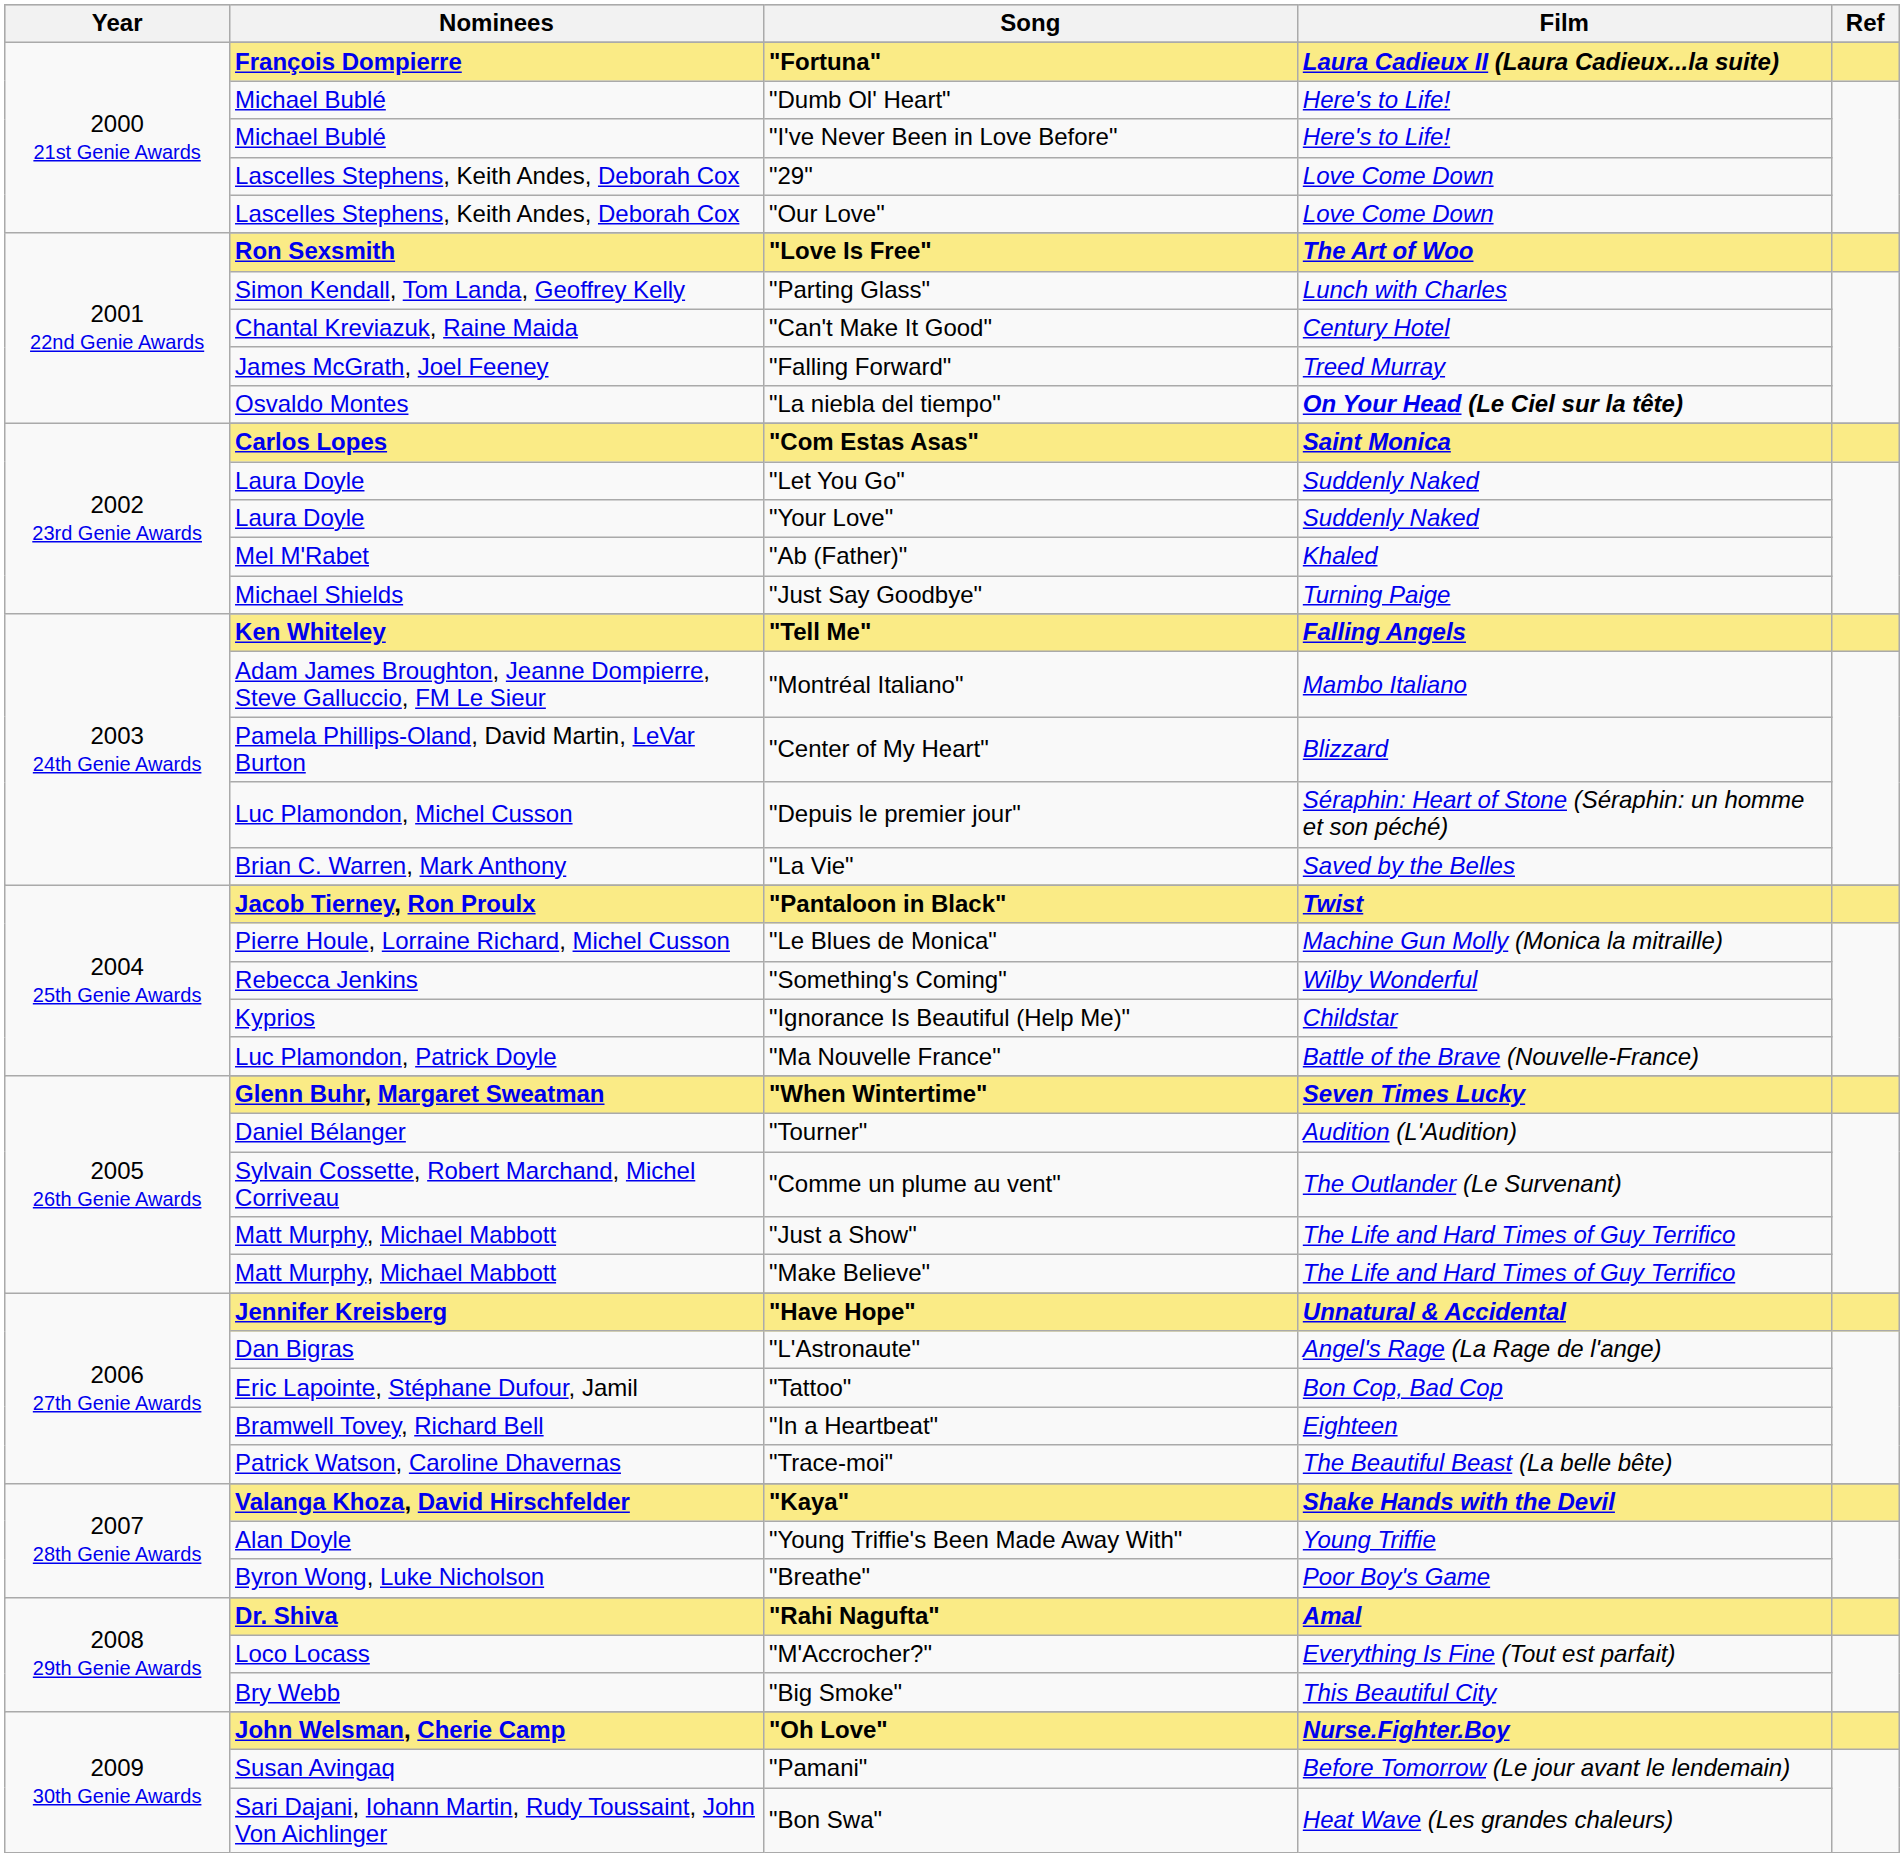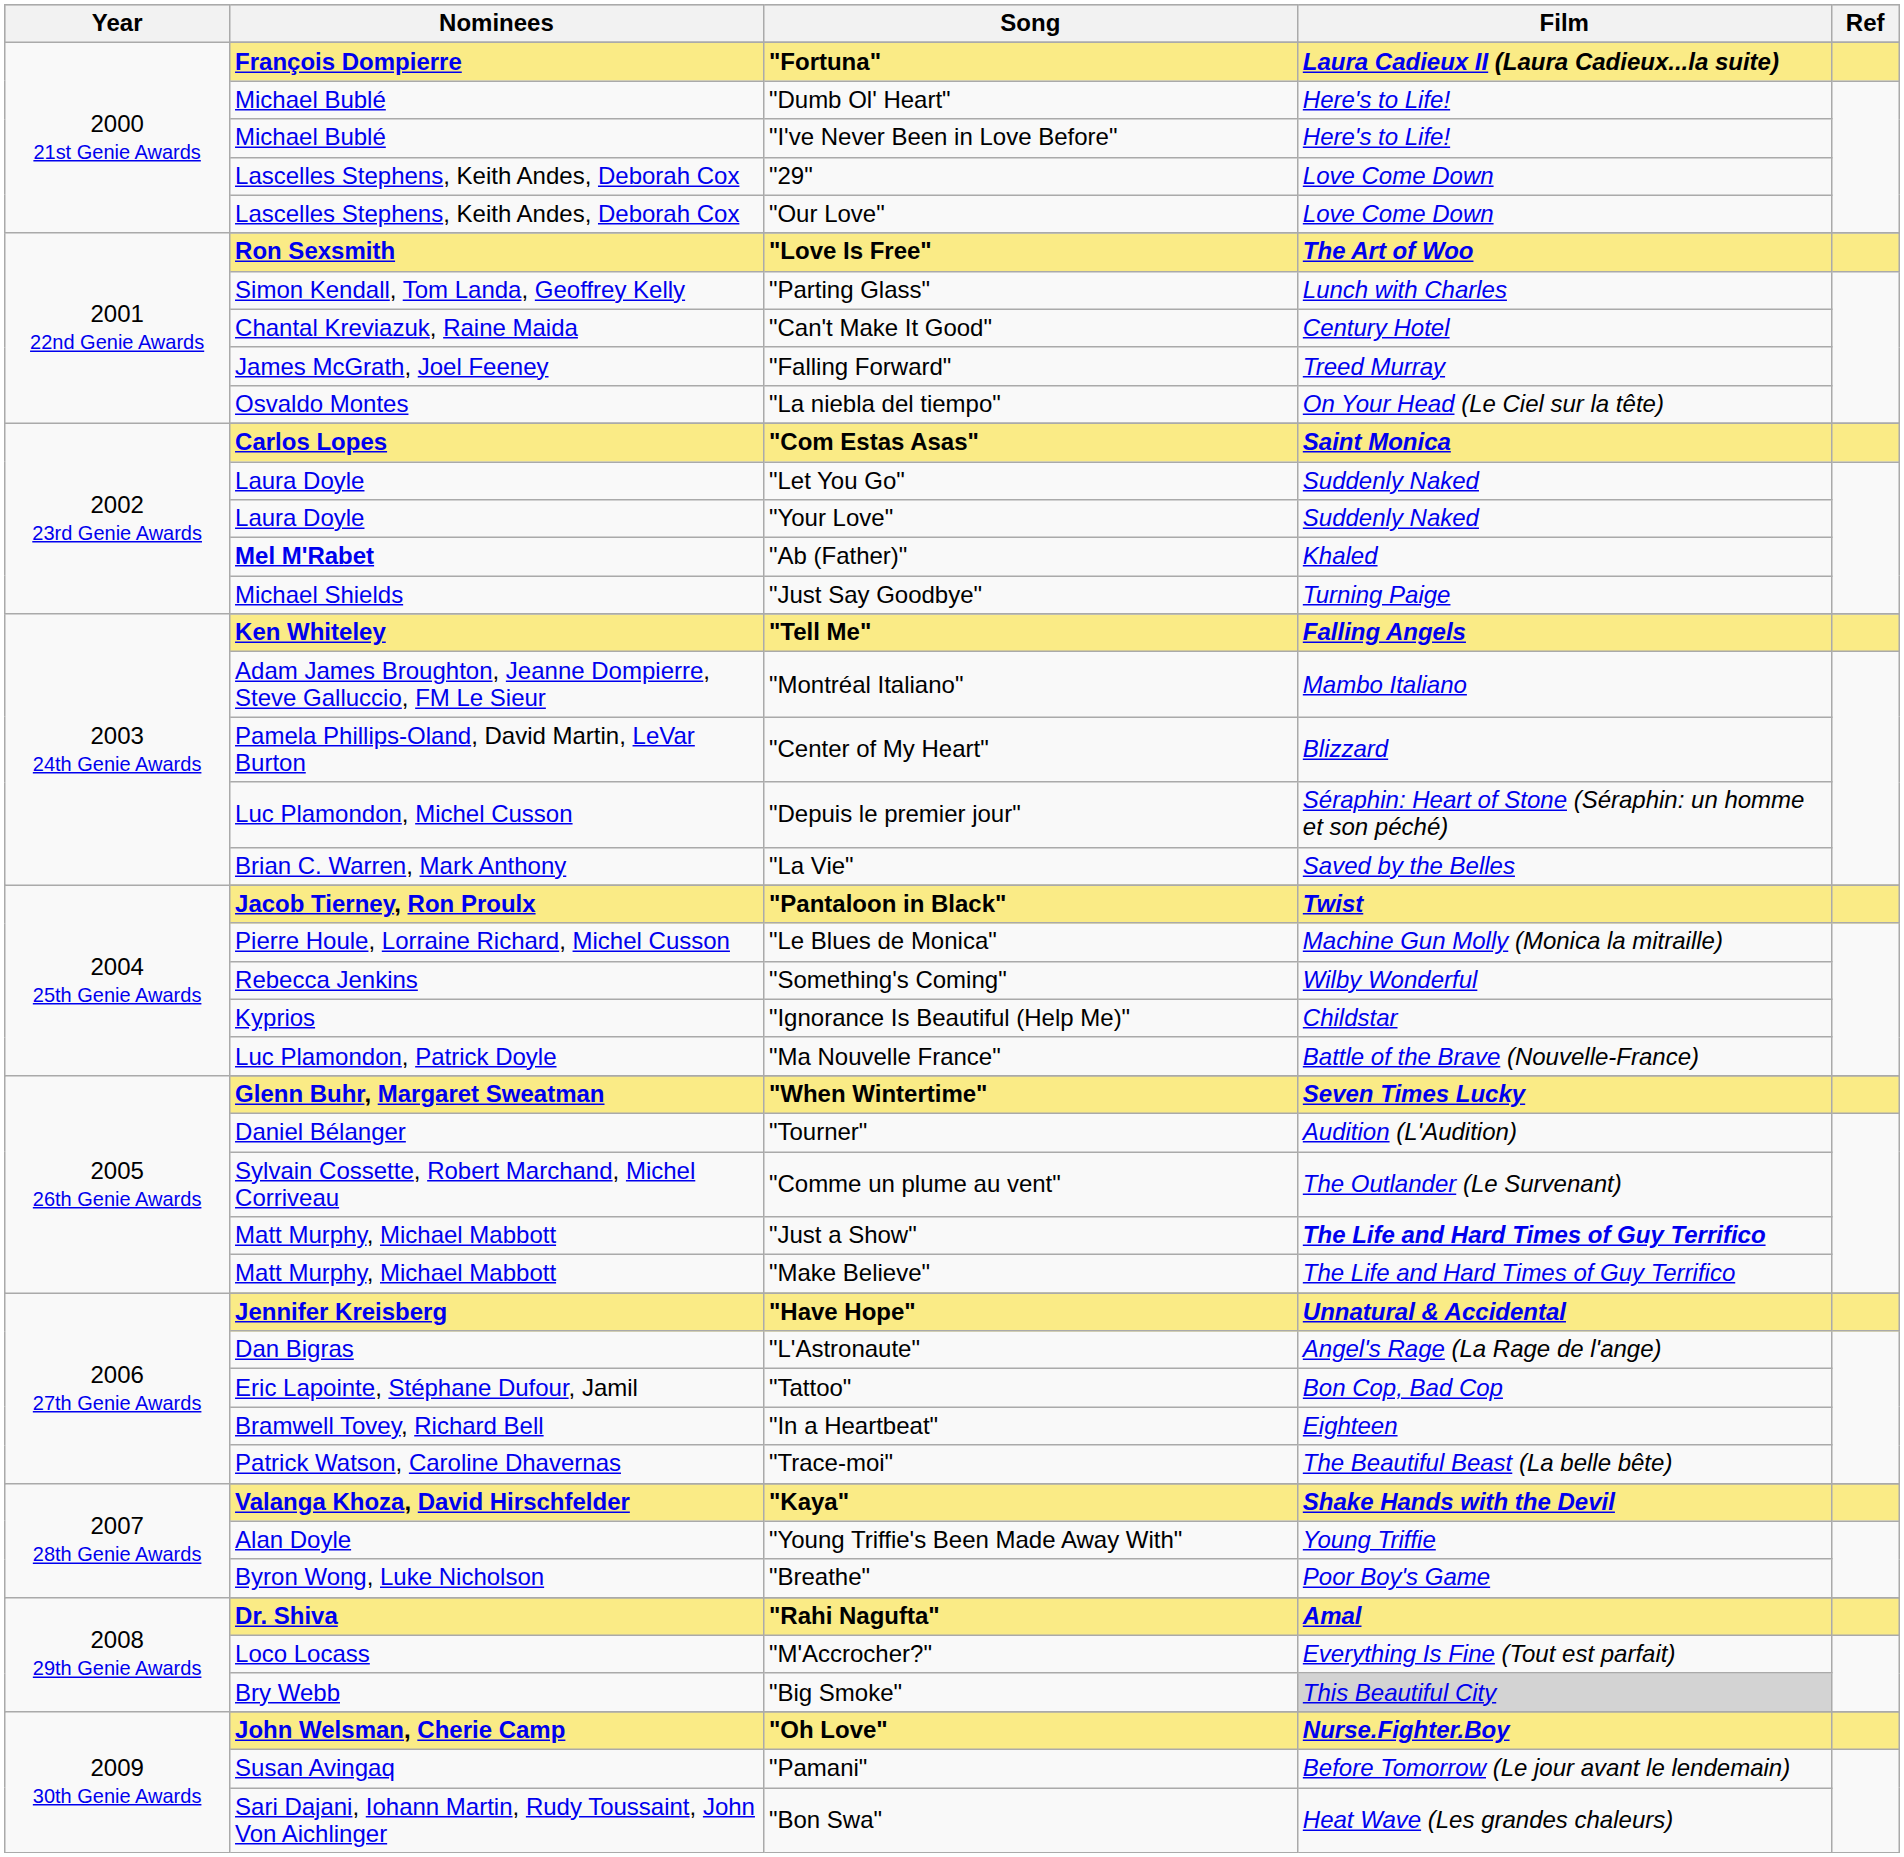 <table class="wikitable" style="width:100%;">
 <tr style="background:#bebebe;">
 <th style="width:8%;">Year</th>
 <th style="width:19%;">Nominees</th>
 <th style="width:19%;">Song</th>
 <th style="width:19%;">Film</th>
 <th style="width:2%;">Ref</th>
 </tr>
 <tr>
 <td rowspan="6" align="center">2000 <br> <small><a href='#'>21st Genie Awards</a></small></td>
 </tr>
 <tr style="background:#FAEB86;">
 <td><strong><a href='#'>François Dompierre</a></strong></td>
 <td><strong>"Fortuna"</strong></td>
 <td><strong><em><a href='#'>Laura Cadieux II</a> (Laura Cadieux...la suite)</em></strong></td>
 <td></td>
 </tr>
 <tr>
 <td><a href='#'>Michael Bublé</a></td>
 <td>"Dumb Ol' Heart"</td>
 <td><em><a href='#'>Here's to Life!</a></em></td>
 <td rowspan=4></td>
 </tr>
 <tr>
 <td><a href='#'>Michael Bublé</a></td>
 <td>"I've Never Been in Love Before"</td>
 <td><em><a href='#'>Here's to Life!</a></em></td>
 </tr>
 <tr>
 <td><a href='#'>Lascelles Stephens</a>, Keith Andes, <a href='#'>Deborah Cox</a></td>
 <td>"29"</td>
 <td><em><a href='#'>Love Come Down</a></em></td>
 </tr>
 <tr>
 <td><a href='#'>Lascelles Stephens</a>, Keith Andes, <a href='#'>Deborah Cox</a></td>
 <td>"Our Love"</td>
 <td><em><a href='#'>Love Come Down</a></em></td>
 </tr>
 <tr>
 <td rowspan="6" align="center">2001 <br> <small><a href='#'>22nd Genie Awards</a></small></td>
 </tr>
 <tr style="background:#FAEB86;">
 <td><strong><a href='#'>Ron Sexsmith</a></strong></td>
 <td><strong>"Love Is Free"</strong></td>
 <td><strong><em><a href='#'>The Art of Woo</a></em></strong></td>
 <td></td>
 </tr>
 <tr>
 <td><a href='#'>Simon Kendall</a>, <a href='#'>Tom Landa</a>, <a href='#'>Geoffrey Kelly</a></td>
 <td>"Parting Glass"</td>
 <td><em><a href='#'>Lunch with Charles</a></em></td>
 <td rowspan=4></td>
 </tr>
 <tr>
 <td><a href='#'>Chantal Kreviazuk</a>, <a href='#'>Raine Maida</a></td>
 <td>"Can't Make It Good"</td>
 <td><em><a href='#'>Century Hotel</a></em></td>
 </tr>
 <tr>
 <td><a href='#'>James McGrath</a>, <a href='#'>Joel Feeney</a></td>
 <td>"Falling Forward"</td>
 <td><em><a href='#'>Treed Murray</a></em></td>
 </tr>
 <tr>
 <td><a href='#'>Osvaldo Montes</a></td>
 <td>"La niebla del tiempo"</td>
-<td><strong><em><a href='#'>On Your Head</a> (Le Ciel sur la tête)</em></strong></td>
+<td><em><a href='#'>On Your Head</a> (Le Ciel sur la tête)</em></td>
 </tr>
 <tr>
 <td rowspan="6" align="center">2002 <br> <small><a href='#'>23rd Genie Awards</a></small></td>
 </tr>
 <tr style="background:#FAEB86;">
 <td><strong><a href='#'>Carlos Lopes</a></strong></td>
 <td><strong>"Com Estas Asas"</strong></td>
 <td><strong><em><a href='#'>Saint Monica</a></em></strong></td>
 <td></td>
 </tr>
 <tr>
 <td><a href='#'>Laura Doyle</a></td>
 <td>"Let You Go"</td>
 <td><em><a href='#'>Suddenly Naked</a></em></td>
 <td rowspan=4></td>
 </tr>
 <tr>
 <td><a href='#'>Laura Doyle</a></td>
 <td>"Your Love"</td>
 <td><em><a href='#'>Suddenly Naked</a></em></td>
 </tr>
 <tr>
-<td><a href='#'>Mel M'Rabet</a></td>
+<td><strong><a href='#'>Mel M'Rabet</a></strong></td>
 <td>"Ab (Father)"</td>
 <td><em><a href='#'>Khaled</a></em></td>
 </tr>
 <tr>
 <td><a href='#'>Michael Shields</a></td>
 <td>"Just Say Goodbye"</td>
 <td><em><a href='#'>Turning Paige</a></em></td>
 </tr>
 <tr>
 <td rowspan="6" align="center">2003 <br> <small><a href='#'>24th Genie Awards</a></small></td>
 </tr>
 <tr style="background:#FAEB86;">
 <td><strong><a href='#'>Ken Whiteley</a></strong></td>
 <td><strong>"Tell Me"</strong></td>
 <td><strong><em><a href='#'>Falling Angels</a></em></strong></td>
 <td></td>
 </tr>
 <tr>
 <td><a href='#'>Adam James Broughton</a>, <a href='#'>Jeanne Dompierre</a>, <a href='#'>Steve Galluccio</a>, <a href='#'>FM Le Sieur</a></td>
 <td>"Montréal Italiano"</td>
 <td><em><a href='#'>Mambo Italiano</a></em></td>
 <td rowspan=4></td>
 </tr>
 <tr>
 <td><a href='#'>Pamela Phillips-Oland</a>, David Martin, <a href='#'>LeVar Burton</a></td>
 <td>"Center of My Heart"</td>
 <td><em><a href='#'>Blizzard</a></em></td>
 </tr>
 <tr>
 <td><a href='#'>Luc Plamondon</a>, <a href='#'>Michel Cusson</a></td>
 <td>"Depuis le premier jour"</td>
 <td><em><a href='#'>Séraphin: Heart of Stone</a> (Séraphin: un homme et son péché)</em></td>
 </tr>
 <tr>
 <td><a href='#'>Brian C. Warren</a>, <a href='#'>Mark Anthony</a></td>
 <td>"La Vie"</td>
 <td><em><a href='#'>Saved by the Belles</a></em></td>
 </tr>
 <tr>
 <td rowspan="6" align="center">2004 <br> <small><a href='#'>25th Genie Awards</a></small></td>
 </tr>
 <tr style="background:#FAEB86;">
 <td><strong><a href='#'>Jacob Tierney</a>, <a href='#'>Ron Proulx</a></strong></td>
 <td><strong>"Pantaloon in Black"</strong></td>
 <td><strong><em><a href='#'>Twist</a></em></strong></td>
 <td></td>
 </tr>
 <tr>
 <td><a href='#'>Pierre Houle</a>, <a href='#'>Lorraine Richard</a>, <a href='#'>Michel Cusson</a></td>
 <td>"Le Blues de Monica"</td>
 <td><em><a href='#'>Machine Gun Molly</a> (Monica la mitraille)</em></td>
 <td rowspan=4></td>
 </tr>
 <tr>
 <td><a href='#'>Rebecca Jenkins</a></td>
 <td>"Something's Coming"</td>
 <td><em><a href='#'>Wilby Wonderful</a></em></td>
 </tr>
 <tr>
 <td><a href='#'>Kyprios</a></td>
 <td>"Ignorance Is Beautiful (Help Me)"</td>
 <td><em><a href='#'>Childstar</a></em></td>
 </tr>
 <tr>
 <td><a href='#'>Luc Plamondon</a>, <a href='#'>Patrick Doyle</a></td>
 <td>"Ma Nouvelle France"</td>
 <td><em><a href='#'>Battle of the Brave</a> (Nouvelle-France)</em></td>
 </tr>
 <tr>
 <td rowspan="6" align="center">2005 <br> <small><a href='#'>26th Genie Awards</a></small></td>
 </tr>
 <tr style="background:#FAEB86;">
 <td><strong><a href='#'>Glenn Buhr</a>, <a href='#'>Margaret Sweatman</a></strong></td>
 <td><strong>"When Wintertime"</strong></td>
 <td><strong><em><a href='#'>Seven Times Lucky</a></em></strong></td>
 <td></td>
 </tr>
 <tr>
 <td><a href='#'>Daniel Bélanger</a></td>
 <td>"Tourner"</td>
 <td><em><a href='#'>Audition</a> (L'Audition)</em></td>
 <td rowspan=4></td>
 </tr>
 <tr>
 <td><a href='#'>Sylvain Cossette</a>, <a href='#'>Robert Marchand</a>, <a href='#'>Michel Corriveau</a></td>
 <td>"Comme un plume au vent"</td>
 <td><em><a href='#'>The Outlander</a> (Le Survenant)</em></td>
 </tr>
 <tr>
 <td><a href='#'>Matt Murphy</a>, <a href='#'>Michael Mabbott</a></td>
 <td>"Just a Show"</td>
-<td><em><a href='#'>The Life and Hard Times of Guy Terrifico</a></em></td>
+<td><strong><em><a href='#'>The Life and Hard Times of Guy Terrifico</a></em></strong></td>
 </tr>
 <tr>
 <td><a href='#'>Matt Murphy</a>, <a href='#'>Michael Mabbott</a></td>
 <td>"Make Believe"</td>
 <td><em><a href='#'>The Life and Hard Times of Guy Terrifico</a></em></td>
 </tr>
 <tr>
 <td rowspan="6" align="center">2006 <br> <small><a href='#'>27th Genie Awards</a></small></td>
 </tr>
 <tr style="background:#FAEB86;">
 <td><strong><a href='#'>Jennifer Kreisberg</a></strong></td>
 <td><strong>"Have Hope"</strong></td>
 <td><strong><em><a href='#'>Unnatural & Accidental</a></em></strong></td>
 <td></td>
 </tr>
 <tr>
 <td><a href='#'>Dan Bigras</a></td>
 <td>"L'Astronaute"</td>
 <td><em><a href='#'>Angel's Rage</a> (La Rage de l'ange)</em></td>
 <td rowspan=4></td>
 </tr>
 <tr>
 <td><a href='#'>Eric Lapointe</a>, <a href='#'>Stéphane Dufour</a>, Jamil</td>
 <td>"Tattoo"</td>
 <td><em><a href='#'>Bon Cop, Bad Cop</a></em></td>
 </tr>
 <tr>
 <td><a href='#'>Bramwell Tovey</a>, <a href='#'>Richard Bell</a></td>
 <td>"In a Heartbeat"</td>
 <td><em><a href='#'>Eighteen</a></em></td>
 </tr>
 <tr>
 <td><a href='#'>Patrick Watson</a>, <a href='#'>Caroline Dhavernas</a></td>
 <td>"Trace-moi"</td>
 <td><em><a href='#'>The Beautiful Beast</a> (La belle bête)</em></td>
 </tr>
 <tr>
 <td rowspan="4" align="center">2007 <br> <small><a href='#'>28th Genie Awards</a></small></td>
 </tr>
 <tr style="background:#FAEB86;">
 <td><strong><a href='#'>Valanga Khoza</a>, <a href='#'>David Hirschfelder</a></strong></td>
 <td><strong>"Kaya"</strong></td>
 <td><strong><em><a href='#'>Shake Hands with the Devil</a></em></strong></td>
 <td></td>
 </tr>
 <tr>
 <td><a href='#'>Alan Doyle</a></td>
 <td>"Young Triffie's Been Made Away With"</td>
 <td><em><a href='#'>Young Triffie</a></em></td>
 <td rowspan=2></td>
 </tr>
 <tr>
 <td><a href='#'>Byron Wong</a>, <a href='#'>Luke Nicholson</a></td>
 <td>"Breathe"</td>
 <td><em><a href='#'>Poor Boy's Game</a></em></td>
 </tr>
 <tr>
 <td rowspan="4" align="center">2008 <br> <small><a href='#'>29th Genie Awards</a></small></td>
 </tr>
 <tr style="background:#FAEB86;">
 <td><strong><a href='#'>Dr. Shiva</a></strong></td>
 <td><strong>"Rahi Nagufta"</strong></td>
 <td><strong><em><a href='#'>Amal</a></em></strong></td>
 <td></td>
 </tr>
 <tr>
 <td><a href='#'>Loco Locass</a></td>
 <td>"M'Accrocher?"</td>
 <td><em><a href='#'>Everything Is Fine</a> (Tout est parfait)</em></td>
 <td rowspan=2></td>
 </tr>
 <tr>
 <td><a href='#'>Bry Webb</a></td>
 <td>"Big Smoke"</td>
-<td><em><a href='#'>This Beautiful City</a></em></td>
+<td style="background: lightgrey;"><em><a href='#'>This Beautiful City</a></em></td>
 </tr>
 <tr>
 <td rowspan="4" align="center">2009 <br> <small><a href='#'>30th Genie Awards</a></small></td>
 </tr>
 <tr style="background:#FAEB86;">
 <td><strong><a href='#'>John Welsman</a>, <a href='#'>Cherie Camp</a></strong></td>
 <td><strong>"Oh Love"</strong></td>
 <td><strong><em><a href='#'>Nurse.Fighter.Boy</a></em></strong></td>
 <td></td>
 </tr>
 <tr>
 <td><a href='#'>Susan Avingaq</a></td>
 <td>"Pamani"</td>
 <td><em><a href='#'>Before Tomorrow</a> (Le jour avant le lendemain)</em></td>
 <td rowspan=2></td>
 </tr>
 <tr>
 <td><a href='#'>Sari Dajani</a>, <a href='#'>Iohann Martin</a>, <a href='#'>Rudy Toussaint</a>, <a href='#'>John Von Aichlinger</a></td>
 <td>"Bon Swa"</td>
 <td><em><a href='#'>Heat Wave</a> (Les grandes chaleurs)</em></td>
 </tr>
 </table>
